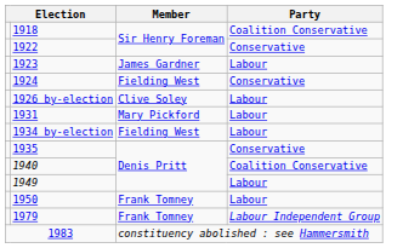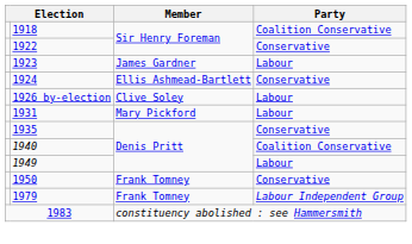 <table class="wikitable">
 <tr>
 <th colspan="2">Election</th>
 <th>Member</th>
 <th>Party</th>
 </tr>
 <tr>
 <td style="color:inherit;background-color: "></td>
 <td><a href='#'>1918</a></td>
 <td rowspan="2"><a href='#'>Sir Henry Foreman</a></td>
 <td><a href='#'>Coalition Conservative</a></td>
 </tr>
 <tr>
 <td style="color:inherit;background-color: "></td>
 <td><a href='#'>1922</a></td>
 <td><a href='#'>Conservative</a></td>
 </tr>
 <tr>
 <td style="color:inherit;background-color: "></td>
 <td><a href='#'>1923</a></td>
 <td><a href='#'>James Gardner</a></td>
 <td><a href='#'>Labour</a></td>
 </tr>
 <tr>
 <td style="color:inherit;background-color: "></td>
 <td><a href='#'>1924</a></td>
-<td><a href='#'>Fielding West</a></td>
+<td><a href='#'>Ellis Ashmead-Bartlett</a></td>
 <td><a href='#'>Conservative</a></td>
 </tr>
 <tr>
 <td style="color:inherit;background-color: "></td>
 <td><a href='#'>1926 by-election</a></td>
 <td><a href='#'>Clive Soley</a></td>
 <td><a href='#'>Labour</a></td>
 </tr>
 <tr>
 <td style="color:inherit;background-color: "></td>
 <td><a href='#'>1931</a></td>
 <td><a href='#'>Mary Pickford</a></td>
-<td><a href='#'>Labour</a></td>
-</tr>
-<tr>
-<td style="color:inherit;background-color: "></td>
-<td><a href='#'>1934 by-election</a></td>
-<td><a href='#'>Fielding West</a></td>
 <td><a href='#'>Labour</a></td>
 </tr>
 <tr>
 <td style="color:inherit;background-color: "></td>
 <td><a href='#'>1935</a></td>
 <td rowspan="3"><a href='#'>Denis Pritt</a></td>
 <td><a href='#'>Conservative</a></td>
 </tr>
 <tr>
 <td style="color:inherit;background-color: "></td>
 <td><em>1940</em></td>
 <td><a href='#'>Coalition Conservative</a></td>
 </tr>
 <tr>
 <td style="color:inherit;background-color: "></td>
 <td><em>1949</em></td>
 <td><a href='#'>Labour</a></td>
 </tr>
 <tr>
 <td style="color:inherit;background-color: "></td>
 <td><a href='#'>1950</a></td>
 <td><a href='#'>Frank Tomney</a></td>
-<td><a href='#'>Labour</a></td>
+<td><a href='#'>Conservative</a></td>
 </tr>
 <tr>
 <td style="color:inherit;background-color: "></td>
 <td><a href='#'>1979</a></td>
 <td><a href='#'>Frank Tomney</a></td>
 <td><em><a href='#'>Labour Independent Group</a></em></td>
 </tr>
 <tr>
 <td colspan="2" align="center"><a href='#'>1983</a></td>
 <td colspan="2"><em>constituency abolished : see <a href='#'>Hammersmith</a></em></td>
 </tr>
 </table>
